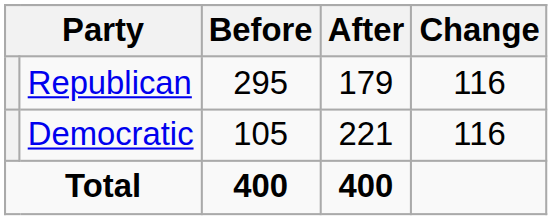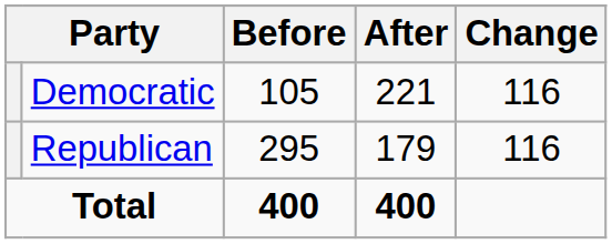 <table class="wikitable" style="text-align:center;">
 <tr>
 </tr>
 <tr>
 <th colspan=2>Party</th>
 <th>Before</th>
 <th>After</th>
 <th>Change</th>
 </tr>
 <tr>
 <th style="background-color:"></th>
-<td style="text-align:left;"><a href='#'>Republican</a></td>
-<td>295</td>
-<td>179</td>
+<td style="text-align:left;"><a href='#'>Democratic</a></td>
+<td>105</td>
+<td>221</td>
 <td> 116</td>
 </tr>
 <tr>
 <th style="background-color:"></th>
-<td style="text-align:left;"><a href='#'>Democratic</a></td>
-<td>105</td>
-<td>221</td>
+<td style="text-align:left;"><a href='#'>Republican</a></td>
+<td>295</td>
+<td>179</td>
 <td> 116</td>
 </tr>
 <tr>
 <td colspan=2><strong>Total</strong></td>
 <td><strong>400</strong></td>
 <td><strong>400</strong></td>
 <td></td>
 </tr>
 </table>
